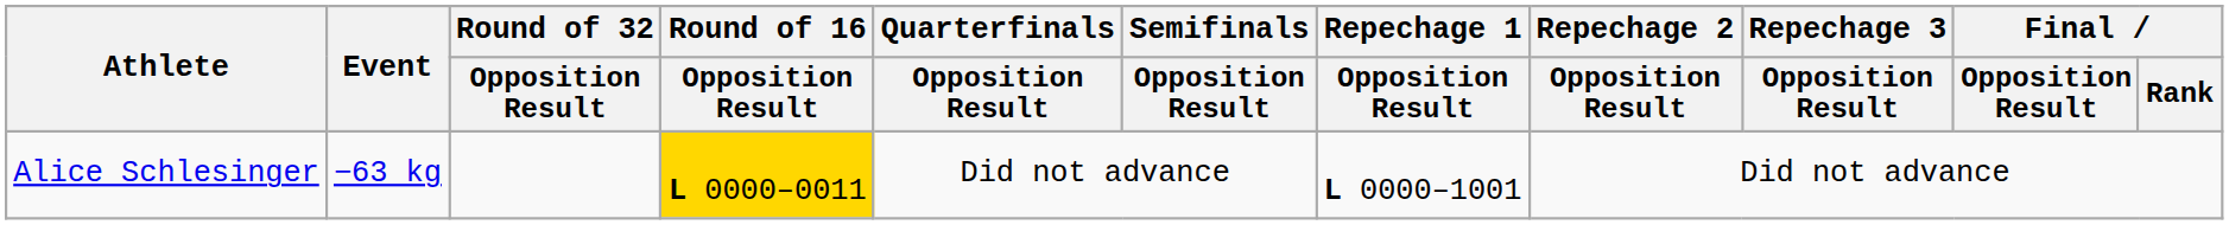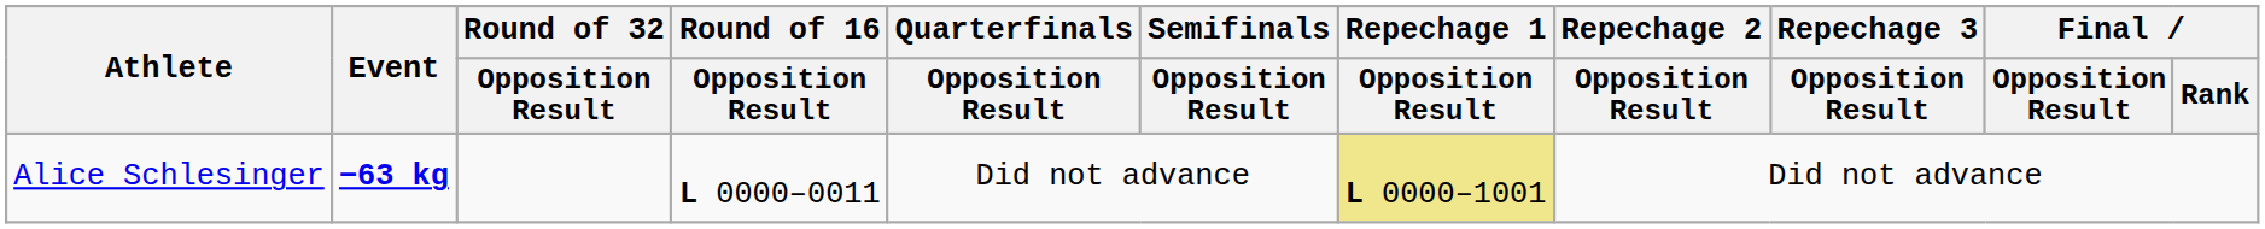 <table class="wikitable" style="font-size:90%">
 <tr>
 <th rowspan="2">Athlete</th>
 <th rowspan="2">Event</th>
 <th>Round of 32</th>
 <th>Round of 16</th>
 <th>Quarterfinals</th>
 <th>Semifinals</th>
 <th>Repechage 1</th>
 <th>Repechage 2</th>
 <th>Repechage 3</th>
 <th colspan=2>Final / </th>
 </tr>
 <tr style="font-size:95%">
 <th>Opposition<br>Result</th>
 <th>Opposition<br>Result</th>
 <th>Opposition<br>Result</th>
 <th>Opposition<br>Result</th>
 <th>Opposition<br>Result</th>
 <th>Opposition<br>Result</th>
 <th>Opposition<br>Result</th>
 <th>Opposition<br>Result</th>
 <th>Rank</th>
 </tr>
 <tr align=center>
 <td align=left><a href='#'>Alice Schlesinger</a></td>
-<td align=left><a href='#'>−63 kg</a></td>
+<td align=left><strong><a href='#'>−63 kg</a></strong></td>
 <td></td>
-<td style="background: gold;"><br><strong>L</strong> 0000–0011</td>
+<td><br><strong>L</strong> 0000–0011</td>
 <td colspan=2>Did not advance</td>
-<td><br><strong>L</strong> 0000–1001</td>
+<td style="background: khaki;"><br><strong>L</strong> 0000–1001</td>
 <td colspan=4>Did not advance</td>
 </tr>
 </table>
